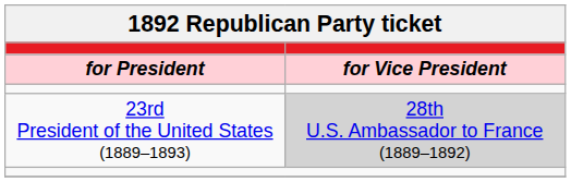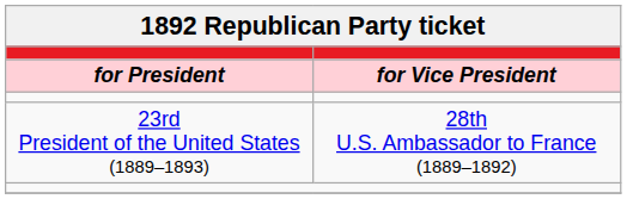 <table class="wikitable" style="font-size:90%; text-align:center;">
 <tr>
 <td style="background:#f1f1f1;" colspan="30"><big><strong>1892 Republican Party ticket</strong></big></td>
 </tr>
 <tr>
 <th style="width:3em; font-size:135%; background:#E81B23; width:200px;"><a href='#'></a></th>
 <th style="width:3em; font-size:135%; background:#E81B23; width:200px;"><a href='#'></a></th>
 </tr>
 <tr style="color:#000; font-size:100%; background:#FFD0D7;">
 <td style="width:3em; width:200px;"><strong><em>for President</em></strong></td>
 <td style="width:3em; width:200px;"><strong><em>for Vice President</em></strong></td>
 </tr>
 <tr>
 <td></td>
 <td></td>
 </tr>
 <tr>
 <td><a href='#'>23rd</a><br><a href='#'>President of the United States</a><br><small>(1889–1893)</small></td>
-<td style="background: lightgrey;"><a href='#'>28th</a><br><a href='#'>U.S. Ambassador to France</a><br><small>(1889–1892)</small></td>
+<td><a href='#'>28th</a><br><a href='#'>U.S. Ambassador to France</a><br><small>(1889–1892)</small></td>
 </tr>
 <tr>
 <td colspan=2></td>
 </tr>
 <tr>
 </tr>
 </table>
